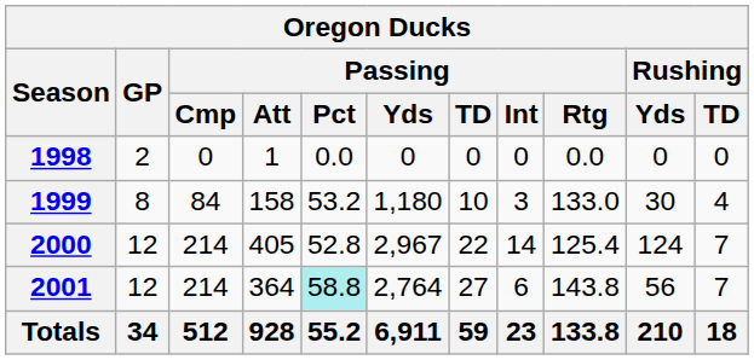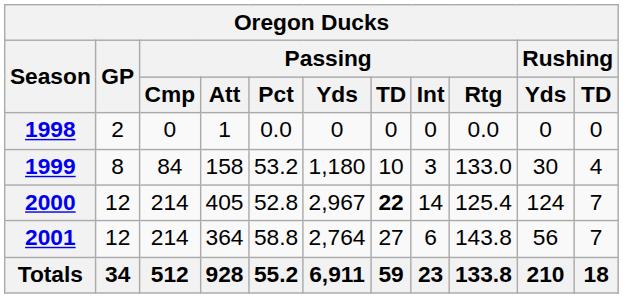 <table class="wikitable" style="text-align:center;">
 <tr>
 <th colspan="11">Oregon Ducks</th>
 </tr>
 <tr>
 <th rowspan="2">Season</th>
 <th rowspan="2">GP</th>
 <th colspan="7">Passing</th>
 <th colspan="2">Rushing</th>
 </tr>
 <tr>
 <th>Cmp</th>
 <th>Att</th>
 <th>Pct</th>
 <th>Yds</th>
 <th>TD</th>
 <th>Int</th>
 <th>Rtg</th>
 <th>Yds</th>
 <th>TD</th>
 </tr>
 <tr>
 <th><a href='#'>1998</a></th>
 <td>2</td>
 <td>0</td>
 <td>1</td>
 <td>0.0</td>
 <td>0</td>
 <td>0</td>
 <td>0</td>
 <td>0.0</td>
 <td>0</td>
 <td>0</td>
 </tr>
 <tr>
 <th><a href='#'>1999</a></th>
 <td>8</td>
 <td>84</td>
 <td>158</td>
 <td>53.2</td>
 <td>1,180</td>
 <td>10</td>
 <td>3</td>
 <td>133.0</td>
 <td>30</td>
 <td>4</td>
 </tr>
 <tr>
 <th><a href='#'>2000</a></th>
 <td>12</td>
 <td>214</td>
 <td>405</td>
 <td>52.8</td>
 <td>2,967</td>
-<td>22</td>
+<td><strong>22</strong></td>
 <td>14</td>
 <td>125.4</td>
 <td>124</td>
 <td>7</td>
 </tr>
 <tr>
 <th><a href='#'>2001</a></th>
 <td>12</td>
 <td>214</td>
 <td>364</td>
-<td style="background: paleturquoise;">58.8</td>
+<td>58.8</td>
 <td>2,764</td>
 <td>27</td>
 <td>6</td>
 <td>143.8</td>
 <td>56</td>
 <td>7</td>
 </tr>
 <tr>
 <th>Totals</th>
 <th>34</th>
 <th>512</th>
 <th>928</th>
 <th>55.2</th>
 <th>6,911</th>
 <th>59</th>
 <th>23</th>
 <th>133.8</th>
 <th>210</th>
 <th>18</th>
 </tr>
 </table>
